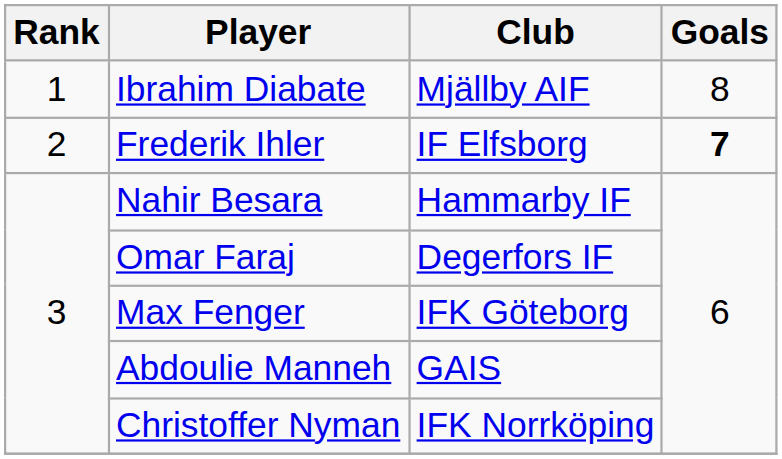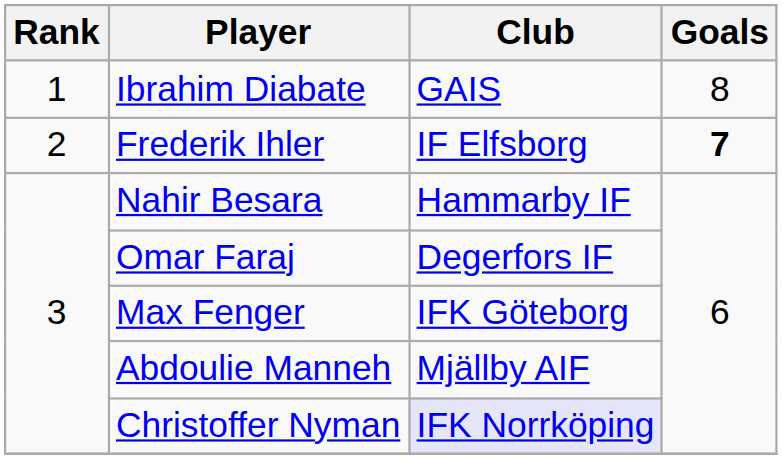 <table class="wikitable" style="text-align:center">
 <tr>
 <th>Rank</th>
 <th>Player</th>
 <th>Club</th>
 <th>Goals</th>
 </tr>
 <tr>
 <td>1</td>
 <td align="left"> <a href='#'>Ibrahim Diabate</a></td>
-<td align="left"><a href='#'>Mjällby AIF</a></td>
+<td align="left"><a href='#'>GAIS</a></td>
 <td>8</td>
 </tr>
 <tr>
 <td>2</td>
 <td align="left"> <a href='#'>Frederik Ihler</a></td>
 <td align="left"><a href='#'>IF Elfsborg</a></td>
 <td><strong>7</strong></td>
 </tr>
 <tr>
 <td rowspan=5>3</td>
 <td align="left"> <a href='#'>Nahir Besara</a></td>
 <td align="left"><a href='#'>Hammarby IF</a></td>
 <td rowspan=5>6</td>
 </tr>
 <tr>
 <td align="left"> <a href='#'>Omar Faraj</a></td>
 <td align="left"><a href='#'>Degerfors IF</a></td>
 </tr>
 <tr>
 <td align="left"> <a href='#'>Max Fenger</a></td>
 <td align="left"><a href='#'>IFK Göteborg</a></td>
 </tr>
 <tr>
 <td align="left"> <a href='#'>Abdoulie Manneh</a></td>
-<td align="left"><a href='#'>GAIS</a></td>
+<td align="left"><a href='#'>Mjällby AIF</a></td>
 </tr>
 <tr>
 <td align="left"> <a href='#'>Christoffer Nyman</a></td>
-<td align="left"><a href='#'>IFK Norrköping</a><br></td>
+<td align="left" style="background: lavender;"><a href='#'>IFK Norrköping</a><br></td>
 </tr>
 <tr>
 </tr>
 </table>
